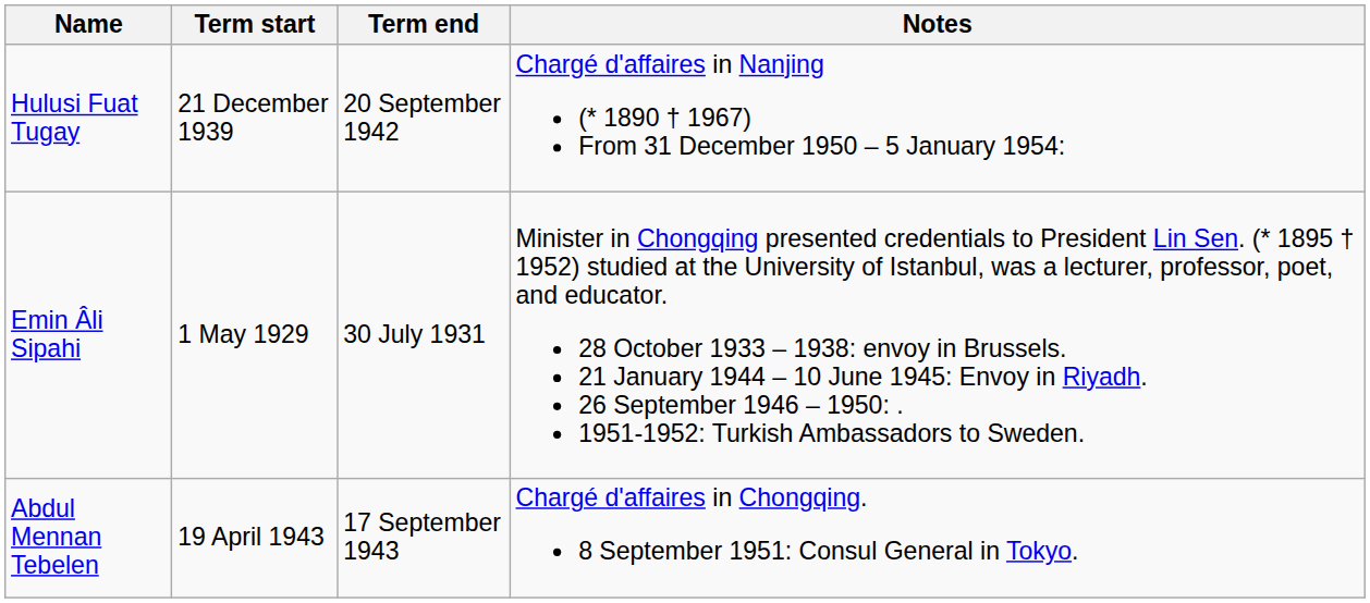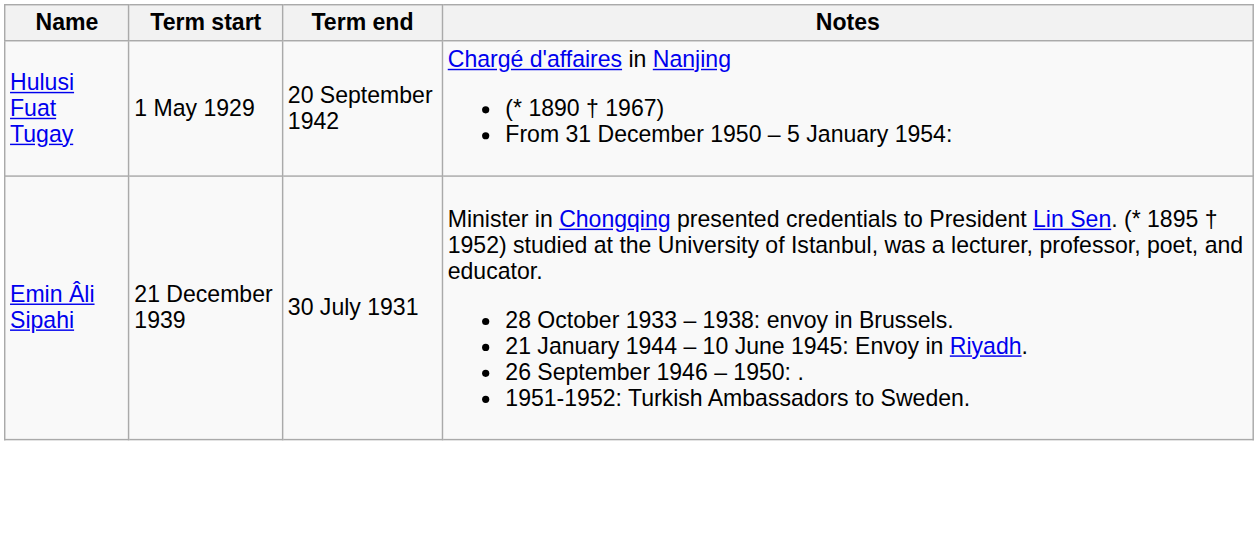 <table class="wikitable sortable">
 <tr>
 <th>Name</th>
 <th>Term start</th>
 <th>Term end</th>
 <th>Notes</th>
 </tr>
 <tr>
 <td><a href='#'>Hulusi Fuat Tugay</a></td>
-<td>21 December 1939</td>
+<td>1 May 1929</td>
 <td>20 September 1942</td>
 <td><a href='#'>Chargé d'affaires</a> in <a href='#'>Nanjing</a><br><ul><li>(* 1890 † 1967)</li><li>From 31 December 1950 – 5 January 1954: </li></ul></td>
 </tr>
 <tr>
 <td><a href='#'>Emin Âli Sipahi</a></td>
-<td>1 May 1929</td>
+<td>21 December 1939</td>
 <td>30 July 1931</td>
 <td><br>Minister in <a href='#'>Chongqing</a> presented credentials to President <a href='#'>Lin Sen</a>.  (* 1895 † 1952) studied at the University of Istanbul, was a lecturer, professor, poet, and educator.<ul><li>28 October 1933 – 1938: envoy in Brussels.</li><li>21 January 1944 – 10 June 1945: Envoy in <a href='#'>Riyadh</a>.</li><li>26 September 1946 – 1950: .</li><li>1951-1952: Turkish Ambassadors to Sweden.</li></ul></td>
 </tr>
-<tr>
-<td><a href='#'>Abdul Mennan Tebelen</a></td>
-<td>19 April 1943</td>
-<td>17 September 1943</td>
-<td><a href='#'>Chargé d'affaires</a> in <a href='#'>Chongqing</a>.<br><ul><li>8 September 1951: Consul General in <a href='#'>Tokyo</a>.</li></ul></td>
-</tr>
 </table>
